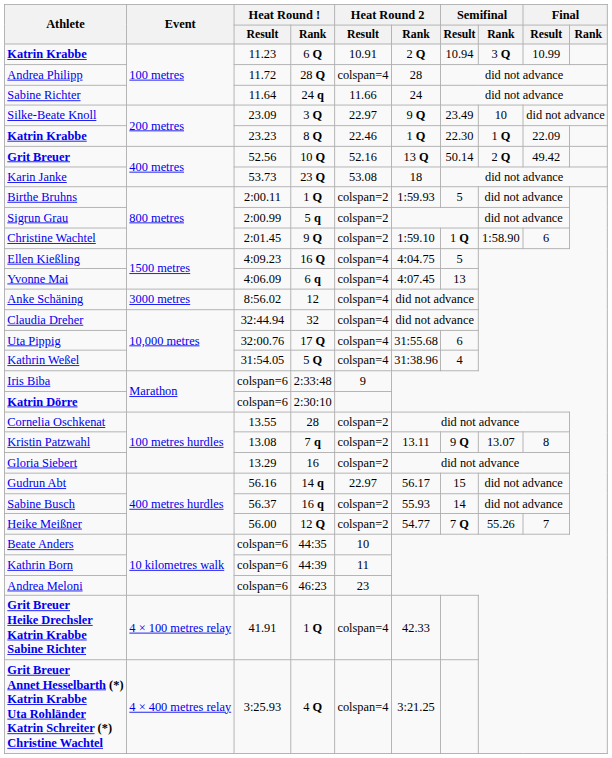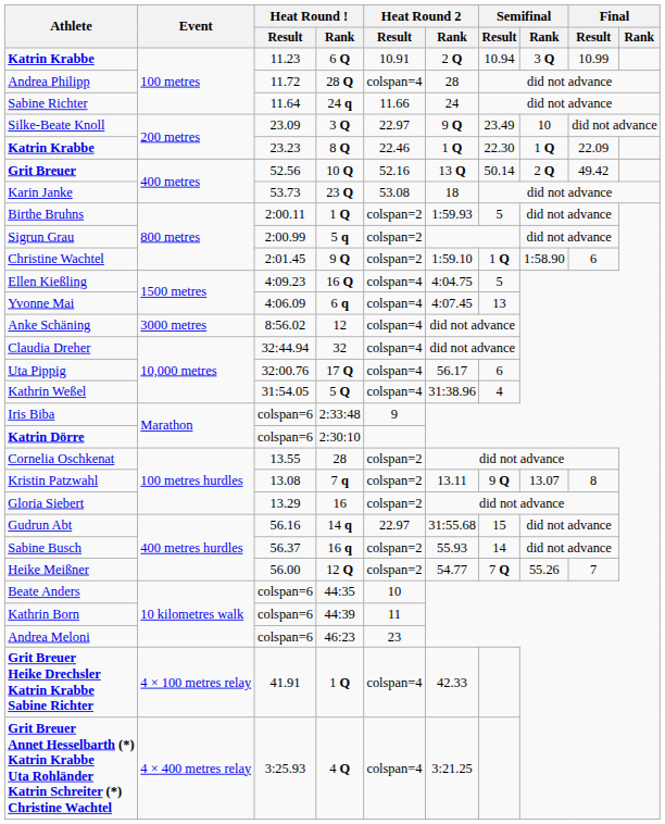 <table class=wikitable style=font-size:90%>
 <tr>
 <th rowspan=2>Athlete</th>
 <th rowspan=2>Event</th>
 <th colspan=2>Heat Round !</th>
 <th colspan=2>Heat Round 2</th>
 <th colspan=2>Semifinal</th>
 <th colspan=2>Final</th>
 </tr>
 <tr style=font-size:95%>
 <th>Result</th>
 <th>Rank</th>
 <th>Result</th>
 <th>Rank</th>
 <th>Result</th>
 <th>Rank</th>
 <th>Result</th>
 <th>Rank</th>
 </tr>
 <tr align=center>
 <td align=left><strong><a href='#'>Katrin Krabbe</a></strong></td>
 <td align=left rowspan=3><a href='#'>100 metres</a></td>
 <td>11.23</td>
 <td>6 <strong>Q</strong></td>
 <td>10.91</td>
 <td>2 <strong>Q</strong></td>
 <td>10.94</td>
 <td>3 <strong>Q</strong></td>
 <td>10.99</td>
 <td></td>
 </tr>
 <tr align=center>
 <td align=left><a href='#'>Andrea Philipp</a></td>
 <td>11.72</td>
 <td>28 <strong>Q</strong></td>
 <td>colspan=4</td>
 <td>28</td>
 <td colspan=4>did not advance</td>
 </tr>
 <tr align=center>
 <td align=left><a href='#'>Sabine Richter</a></td>
 <td>11.64</td>
 <td>24 <strong>q</strong></td>
 <td>11.66</td>
 <td>24</td>
 <td colspan=4>did not advance</td>
 </tr>
 <tr align=center>
 <td align=left><a href='#'>Silke-Beate Knoll</a></td>
 <td align=left rowspan=2><a href='#'>200 metres</a></td>
 <td>23.09</td>
 <td>3 <strong>Q</strong></td>
 <td>22.97</td>
 <td>9 <strong>Q</strong></td>
 <td>23.49</td>
 <td>10</td>
 <td colspan=2>did not advance</td>
 </tr>
 <tr align=center>
 <td align=left><strong><a href='#'>Katrin Krabbe</a></strong></td>
 <td>23.23</td>
 <td>8 <strong>Q</strong></td>
 <td>22.46</td>
 <td>1 <strong>Q</strong></td>
 <td>22.30</td>
 <td>1 <strong>Q</strong></td>
 <td>22.09</td>
 <td></td>
 </tr>
 <tr align=center>
 <td align=left><strong><a href='#'>Grit Breuer</a></strong></td>
 <td align=left rowspan=2><a href='#'>400 metres</a></td>
 <td>52.56</td>
 <td>10 <strong>Q</strong></td>
 <td>52.16</td>
 <td>13 <strong>Q</strong></td>
 <td>50.14</td>
 <td>2 <strong>Q</strong></td>
 <td>49.42</td>
 <td></td>
 </tr>
 <tr align=center>
 <td align=left><a href='#'>Karin Janke</a></td>
 <td>53.73</td>
 <td>23 <strong>Q</strong></td>
 <td>53.08</td>
 <td>18</td>
 <td colspan=4>did not advance</td>
 </tr>
 <tr align=center>
 <td align=left><a href='#'>Birthe Bruhns</a></td>
 <td align=left rowspan=3><a href='#'>800 metres</a></td>
 <td>2:00.11</td>
 <td>1 <strong>Q</strong></td>
 <td>colspan=2</td>
 <td>1:59.93</td>
 <td>5</td>
 <td colspan=2>did not advance</td>
 </tr>
 <tr align=center>
 <td align=left><a href='#'>Sigrun Grau</a></td>
 <td>2:00.99</td>
 <td>5 <strong>q</strong></td>
 <td>colspan=2</td>
 <td colspan=2></td>
 <td colspan=2>did not advance</td>
 </tr>
 <tr align=center>
 <td align=left><a href='#'>Christine Wachtel</a></td>
 <td>2:01.45</td>
 <td>9 <strong>Q</strong></td>
 <td>colspan=2</td>
 <td>1:59.10</td>
 <td>1 <strong>Q</strong></td>
 <td>1:58.90</td>
 <td>6</td>
 </tr>
 <tr align=center>
 <td align=left><a href='#'>Ellen Kießling</a></td>
 <td align=left rowspan=2><a href='#'>1500 metres</a></td>
 <td>4:09.23</td>
 <td>16 <strong>Q</strong></td>
 <td>colspan=4</td>
 <td>4:04.75</td>
 <td>5</td>
 </tr>
 <tr align=center>
 <td align=left><a href='#'>Yvonne Mai</a></td>
 <td>4:06.09</td>
 <td>6 <strong>q</strong></td>
 <td>colspan=4</td>
 <td>4:07.45</td>
 <td>13</td>
 </tr>
 <tr align=center>
 <td align=left><a href='#'>Anke Schäning</a></td>
 <td align=left><a href='#'>3000 metres</a></td>
 <td>8:56.02</td>
 <td>12</td>
 <td>colspan=4</td>
 <td colspan=2>did not advance</td>
 </tr>
 <tr align=center>
 <td align=left><a href='#'>Claudia Dreher</a></td>
 <td align=left rowspan=3><a href='#'>10,000 metres</a></td>
 <td>32:44.94</td>
 <td>32</td>
 <td>colspan=4</td>
 <td colspan=2>did not advance</td>
 </tr>
 <tr align=center>
 <td align=left><a href='#'>Uta Pippig</a></td>
 <td>32:00.76</td>
 <td>17 <strong>Q</strong></td>
 <td>colspan=4</td>
-<td>31:55.68</td>
+<td>56.17</td>
 <td>6</td>
 </tr>
 <tr align=center>
 <td align=left><a href='#'>Kathrin Weßel</a></td>
 <td>31:54.05</td>
 <td>5 <strong>Q</strong></td>
 <td>colspan=4</td>
 <td>31:38.96</td>
 <td>4</td>
 </tr>
 <tr align=center>
 <td align=left><a href='#'>Iris Biba</a></td>
 <td align=left rowspan=2><a href='#'>Marathon</a></td>
 <td>colspan=6</td>
 <td>2:33:48</td>
 <td>9</td>
 </tr>
 <tr align=center>
 <td align=left><strong><a href='#'>Katrin Dörre</a></strong></td>
 <td>colspan=6</td>
 <td>2:30:10</td>
 <td></td>
 </tr>
 <tr align=center>
 <td align=left><a href='#'>Cornelia Oschkenat</a></td>
 <td align=left rowspan=3><a href='#'>100 metres hurdles</a></td>
 <td>13.55</td>
 <td>28</td>
 <td>colspan=2</td>
 <td colspan=4>did not advance</td>
 </tr>
 <tr align=center>
 <td align=left><a href='#'>Kristin Patzwahl</a></td>
 <td>13.08</td>
 <td>7 <strong>q</strong></td>
 <td>colspan=2</td>
 <td>13.11</td>
 <td>9 <strong>Q</strong></td>
 <td>13.07</td>
 <td>8</td>
 </tr>
 <tr align=center>
 <td align=left><a href='#'>Gloria Siebert</a></td>
 <td>13.29</td>
 <td>16</td>
 <td>colspan=2</td>
 <td colspan=4>did not advance</td>
 </tr>
 <tr align=center>
 <td align=left><a href='#'>Gudrun Abt</a></td>
 <td align=left rowspan=3><a href='#'>400 metres hurdles</a></td>
 <td>56.16</td>
 <td>14 <strong>q</strong></td>
 <td>22.97</td>
-<td>56.17</td>
+<td>31:55.68</td>
 <td>15</td>
 <td colspan=2>did not advance</td>
 </tr>
 <tr align=center>
 <td align=left><a href='#'>Sabine Busch</a></td>
 <td>56.37</td>
 <td>16 <strong>q</strong></td>
 <td>colspan=2</td>
 <td>55.93</td>
 <td>14</td>
 <td colspan=2>did not advance</td>
 </tr>
 <tr align=center>
 <td align=left><a href='#'>Heike Meißner</a></td>
 <td>56.00</td>
 <td>12 <strong>Q</strong></td>
 <td>colspan=2</td>
 <td>54.77</td>
 <td>7 <strong>Q</strong></td>
 <td>55.26</td>
 <td>7</td>
 </tr>
 <tr align=center>
 <td align=left><a href='#'>Beate Anders</a></td>
 <td align=left rowspan=3><a href='#'>10 kilometres walk</a></td>
 <td>colspan=6</td>
 <td>44:35</td>
 <td>10</td>
 </tr>
 <tr align=center>
 <td align=left><a href='#'>Kathrin Born</a></td>
 <td>colspan=6</td>
 <td>44:39</td>
 <td>11</td>
 </tr>
 <tr align=center>
 <td align=left><a href='#'>Andrea Meloni</a></td>
 <td>colspan=6</td>
 <td>46:23</td>
 <td>23</td>
 </tr>
 <tr align=center>
 <td align=left><strong><a href='#'>Grit Breuer</a><br><a href='#'>Heike Drechsler</a><br><a href='#'>Katrin Krabbe</a><br><a href='#'>Sabine Richter</a></strong></td>
 <td align=left><a href='#'>4 × 100 metres relay</a></td>
 <td>41.91</td>
 <td>1 <strong>Q</strong></td>
 <td>colspan=4</td>
 <td>42.33</td>
 <td></td>
 </tr>
 <tr align=center>
 <td align=left><strong><a href='#'>Grit Breuer</a><br><a href='#'>Annet Hesselbarth</a> (*)<br><a href='#'>Katrin Krabbe</a> <br><a href='#'>Uta Rohländer</a><br><a href='#'>Katrin Schreiter</a> (*)<br><a href='#'>Christine Wachtel</a></strong></td>
 <td align=left><a href='#'>4 × 400 metres relay</a></td>
 <td>3:25.93</td>
 <td>4 <strong>Q</strong></td>
 <td>colspan=4</td>
 <td>3:21.25</td>
 <td></td>
 </tr>
 </table>
